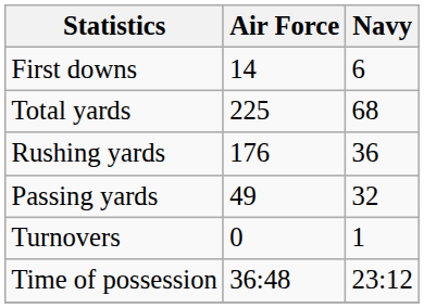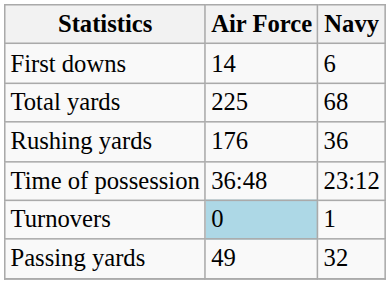 <table class="wikitable">
 <tr>
 <th>Statistics</th>
 <th>Air Force</th>
 <th>Navy</th>
 </tr>
 <tr>
 <td>First downs</td>
 <td>14</td>
 <td>6</td>
 </tr>
 <tr>
 <td>Total yards</td>
 <td>225</td>
 <td>68</td>
 </tr>
 <tr>
 <td>Rushing yards</td>
 <td>176</td>
 <td>36</td>
 </tr>
 <tr>
+<td>Time of possession</td>
+<td>36:48</td>
+<td>23:12</td>
+</tr>
+<tr>
+<td>Turnovers</td>
+<td style="background: lightblue;">0</td>
+<td>1</td>
+</tr>
+<tr>
 <td>Passing yards</td>
 <td>49</td>
 <td>32</td>
 </tr>
 <tr>
-<td>Turnovers</td>
-<td>0</td>
-<td>1</td>
-</tr>
-<tr>
-<td>Time of possession</td>
-<td>36:48</td>
-<td>23:12</td>
-</tr>
-<tr>
 </tr>
 </table>
